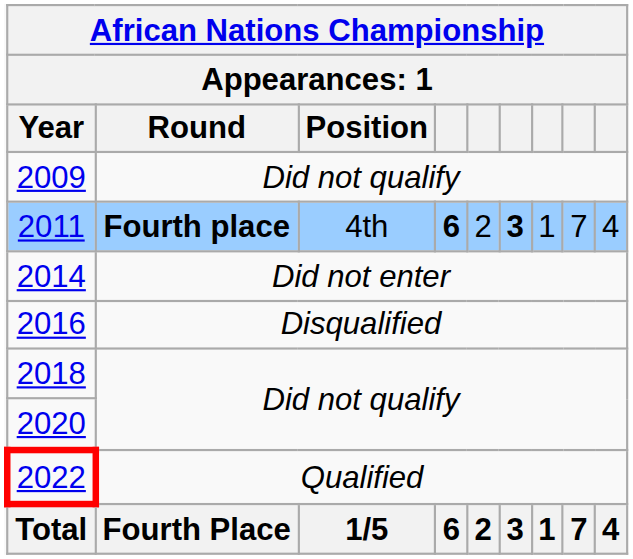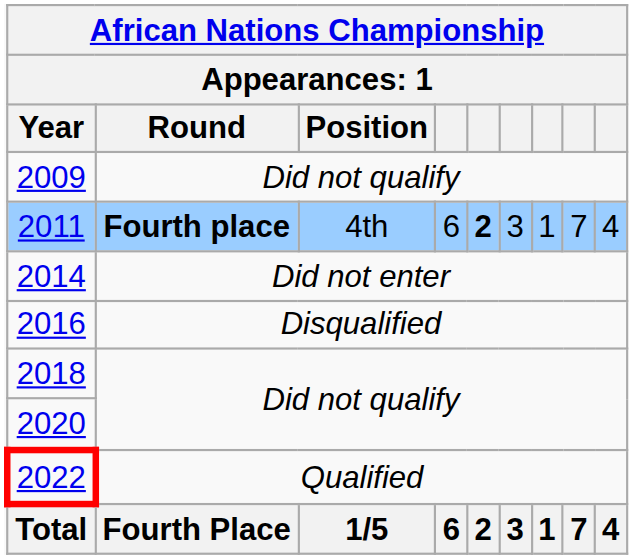 <table class="wikitable" style="text-align: center;font-size:90%;">
 <tr>
 <th colspan=9><a href='#'>African Nations Championship</a></th>
 </tr>
 <tr>
 <th colspan=9>Appearances: 1</th>
 </tr>
 <tr>
 <th>Year</th>
 <th>Round</th>
 <th>Position</th>
 <th></th>
 <th></th>
 <th></th>
 <th></th>
 <th></th>
 <th></th>
 </tr>
 <tr>
 <td> <a href='#'>2009</a></td>
 <td colspan=8><em>Did not qualify</em></td>
 </tr>
 <tr bgcolor=#9acdff>
 <td> <a href='#'>2011</a></td>
 <td><strong>Fourth place</strong></td>
 <td>4th</td>
-<td><strong>6</strong></td>
-<td>2</td>
-<td><strong>3</strong></td>
+<td>6</td>
+<td><strong>2</strong></td>
+<td>3</td>
 <td>1</td>
 <td>7</td>
 <td>4</td>
 </tr>
 <tr>
 <td> <a href='#'>2014</a></td>
 <td colspan=8><em>Did not enter</em></td>
 </tr>
 <tr>
 <td> <a href='#'>2016</a></td>
 <td colspan=8><em>Disqualified</em> </td>
 </tr>
 <tr>
 <td> <a href='#'>2018</a></td>
 <td colspan=8 rowspan=2><em>Did not qualify</em></td>
 </tr>
 <tr>
 <td> <a href='#'>2020</a></td>
 </tr>
 <tr>
 <td style="border: 3px solid red"> <a href='#'>2022</a></td>
 <td colspan=8><em>Qualified</em></td>
 </tr>
 <tr>
 <th>Total</th>
 <th>Fourth Place</th>
 <th>1/5</th>
 <th>6</th>
 <th>2</th>
 <th>3</th>
 <th>1</th>
 <th>7</th>
 <th>4</th>
 </tr>
 </table>
